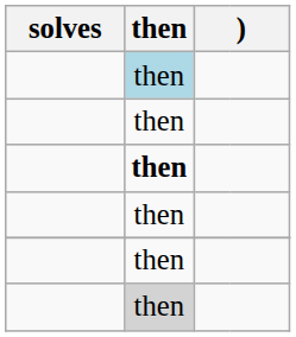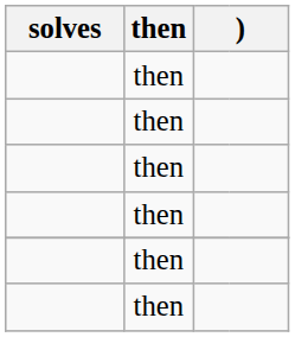 <table class="wikitable" style="border: none;">
 <tr>
 <th> solves</th>
 <th>then</th>
 <th colspan="7">)</th>
 </tr>
 <tr>
 <td style="text-align: center; padding: 0.5% 2em 0.5% 2em;"></td>
-<td style="background: lightblue; text-align: center;">then</td>
+<td style="text-align: center;">then</td>
 <td style='border-style: solid none solid none; text-align: left; padding-left: 1em;'></td>
 <td style='border-style: solid none solid none; text-align: right; padding: 0;'></td>
 <td style='border-style: solid none solid none; text-align: left;  padding: 0;'></td>
 <td style='border-style: solid none solid none; text-align: left;  padding: 0;'></td>
 <td style='border-style: solid none solid none; text-align: left;  padding: 0;'></td>
 <td style='border-style: solid none solid none; text-align: left;  padding: 0;'></td>
 <td style='border-style: solid solid solid none; text-align: left;  padding-left: 0; padding-right: 2em;'><br></td>
 </tr>
 <tr>
 <td style="text-align: center; padding: 0.5% 2em 0.5% 2em;"></td>
 <td style="text-align: center;">then</td>
 <td style='border-style: solid none solid none; text-align: left; padding-left: 1em;'></td>
 <td style='border-style: solid none solid none; text-align: right; padding: 0;'></td>
 <td style='border-style: solid none solid none; text-align: left;  padding: 0;'></td>
 <td style='border-style: solid none solid none; text-align: left;  padding: 0;'></td>
 <td style='border-style: solid none solid none; text-align: left;  padding: 0;'></td>
 <td style='border-style: solid none solid none; text-align: left;  padding: 0;'></td>
 <td style='border-style: solid solid solid none; text-align: left;  padding-left: 0; padding-right: 2em;'><br></td>
 </tr>
 <tr>
 <td style="text-align: center; padding: 0.5% 2em 0.5% 2em;"></td>
-<td style="text-align: center;"><strong>then</strong></td>
+<td style="text-align: center;">then</td>
 <td style='border-style: solid none solid none; text-align: left; padding-left: 1em;'></td>
 <td style='border-style: solid none solid none; text-align: right; padding: 0;'></td>
 <td style='border-style: solid none solid none; text-align: left;  padding: 0;'></td>
 <td style='border-style: solid none solid none; text-align: left;  padding: 0;'></td>
 <td style='border-style: solid none solid none; text-align: left;  padding: 0;'></td>
 <td style='border-style: solid none solid none; text-align: left;  padding: 0;'></td>
 <td style='border-style: solid solid solid none; text-align: left;  padding-left: 0; padding-right: 2em;'><br></td>
 </tr>
 <tr>
 <td style="text-align: center; padding: 0.5% 2em 0.5% 2em;"></td>
 <td style="text-align: center;">then</td>
 <td style='border-style: solid none solid none; text-align: left; padding-left: 1em;'></td>
 <td style='border-style: solid none solid none; text-align: right; padding: 0;'></td>
 <td style='border-style: solid none solid none; text-align: left;  padding: 0;'></td>
 <td style='border-style: solid none solid none; text-align: left;  padding: 0;'></td>
 <td style='border-style: solid none solid none; text-align: left;  padding: 0;'></td>
 <td style='border-style: solid none solid none; text-align: left;  padding: 0;'></td>
 <td style='border-style: solid solid solid none; text-align: left;  padding-left: 0; padding-right: 2em;'></td>
 </tr>
 <tr>
 </tr>
 <tr>
 <td style="text-align: center; padding: 0.5% 2em 0.5% 2em;"></td>
 <td style="text-align: center;">then</td>
 <td style='border-style: solid none solid none; text-align: left; padding-left: 1em;'></td>
 <td style='border-style: solid none solid none; text-align: right; padding: 0;'></td>
 <td style='border-style: solid none solid none; text-align: left;  padding: 0;'></td>
 <td style='border-style: solid none solid none; text-align: left;  padding: 0;'></td>
 <td style='border-style: solid none solid none; text-align: left;  padding: 0;'></td>
 <td style='border-style: solid none solid none; text-align: left;  padding: 0;'></td>
 <td style='border-style: solid solid solid none; text-align: left;  padding-left: 0; padding-right: 2em;'><br></td>
 </tr>
 <tr>
 <td style="text-align: center; padding: 0.5% 2em 0.5% 2em;"></td>
-<td style="background: lightgrey; text-align: center;">then</td>
+<td style="text-align: center;">then</td>
 <td style='border-style: solid none solid none; text-align: left; padding-left: 1em;'></td>
 <td style='border-style: solid none solid none; text-align: right; padding: 0;'></td>
 <td style='border-style: solid none solid none; text-align: left;  padding: 0;'></td>
 <td style='border-style: solid none solid none; text-align: left;  padding: 0;'></td>
 <td style='border-style: solid none solid none; text-align: left;  padding: 0;'></td>
 <td style='border-style: solid none solid none; text-align: left;  padding: 0;'></td>
 <td style='border-style: solid solid solid none; text-align: left;  padding-left: 0; padding-right: 2em;'><br></td>
 </tr>
 </table>
